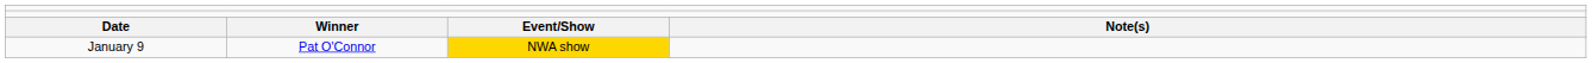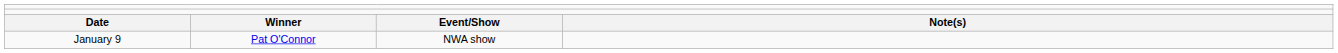 <table class="wikitable" style="text-align:center; width:100%;">
 <tr>
 <td colspan="5"></td>
 </tr>
 <tr>
 <td colspan="5"><strong></strong></td>
 </tr>
 <tr>
 <th width=14%>Date</th>
 <th width=14%>Winner</th>
 <th width=14%>Event/Show</th>
 <th width=58%>Note(s)</th>
 </tr>
 <tr>
 <td>January 9</td>
 <td><a href='#'>Pat O'Connor</a></td>
-<td style="background: gold;">NWA show</td>
+<td>NWA show</td>
 <td align=left></td>
 </tr>
 </table>
